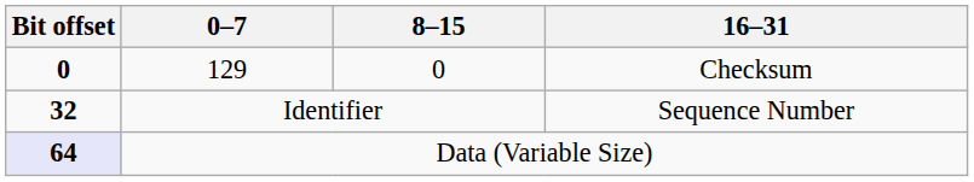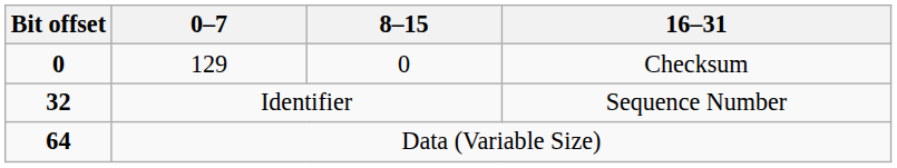 <table class="wikitable" style="text-align:center">
 <tr>
 <th>Bit offset</th>
 <th colspan="8" width="22%">0–7</th>
 <th colspan="8" width="22%">8–15</th>
 <th colspan="16" width="44%">16–31</th>
 </tr>
 <tr>
 <td><strong>0</strong></td>
 <td colspan="8">129</td>
 <td colspan="8">0</td>
 <td colspan="16">Checksum</td>
 </tr>
 <tr>
 <td><strong>32</strong></td>
 <td colspan="16">Identifier</td>
 <td colspan="16">Sequence Number</td>
 </tr>
 <tr>
-<td style="background: lavender;"><strong>64</strong></td>
+<td><strong>64</strong></td>
 <td colspan="32">Data (Variable Size)</td>
 </tr>
 </table>
